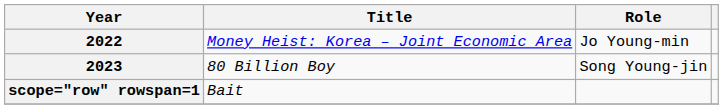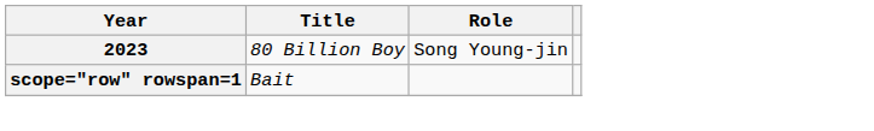 <table class="wikitable plainrowheaders">
 <tr>
 <th scope="col">Year</th>
 <th scope="col">Title</th>
 <th scope="col">Role</th>
 <th scope="col" class="unsortable"></th>
-</tr>
-<tr>
-<th scope="row">2022</th>
-<td><em><a href='#'>Money Heist: Korea – Joint Economic Area</a></em></td>
-<td>Jo Young-min</td>
-<td></td>
 </tr>
 <tr>
 <th scope="row">2023</th>
 <td><em>80 Billion Boy</em></td>
 <td>Song Young-jin</td>
 <td></td>
 </tr>
 <tr>
 <th>scope="row" rowspan=1 </th>
 <td><em>Bait</em></td>
 <td></td>
 <td></td>
 </tr>
 <tr>
 </tr>
 </table>
